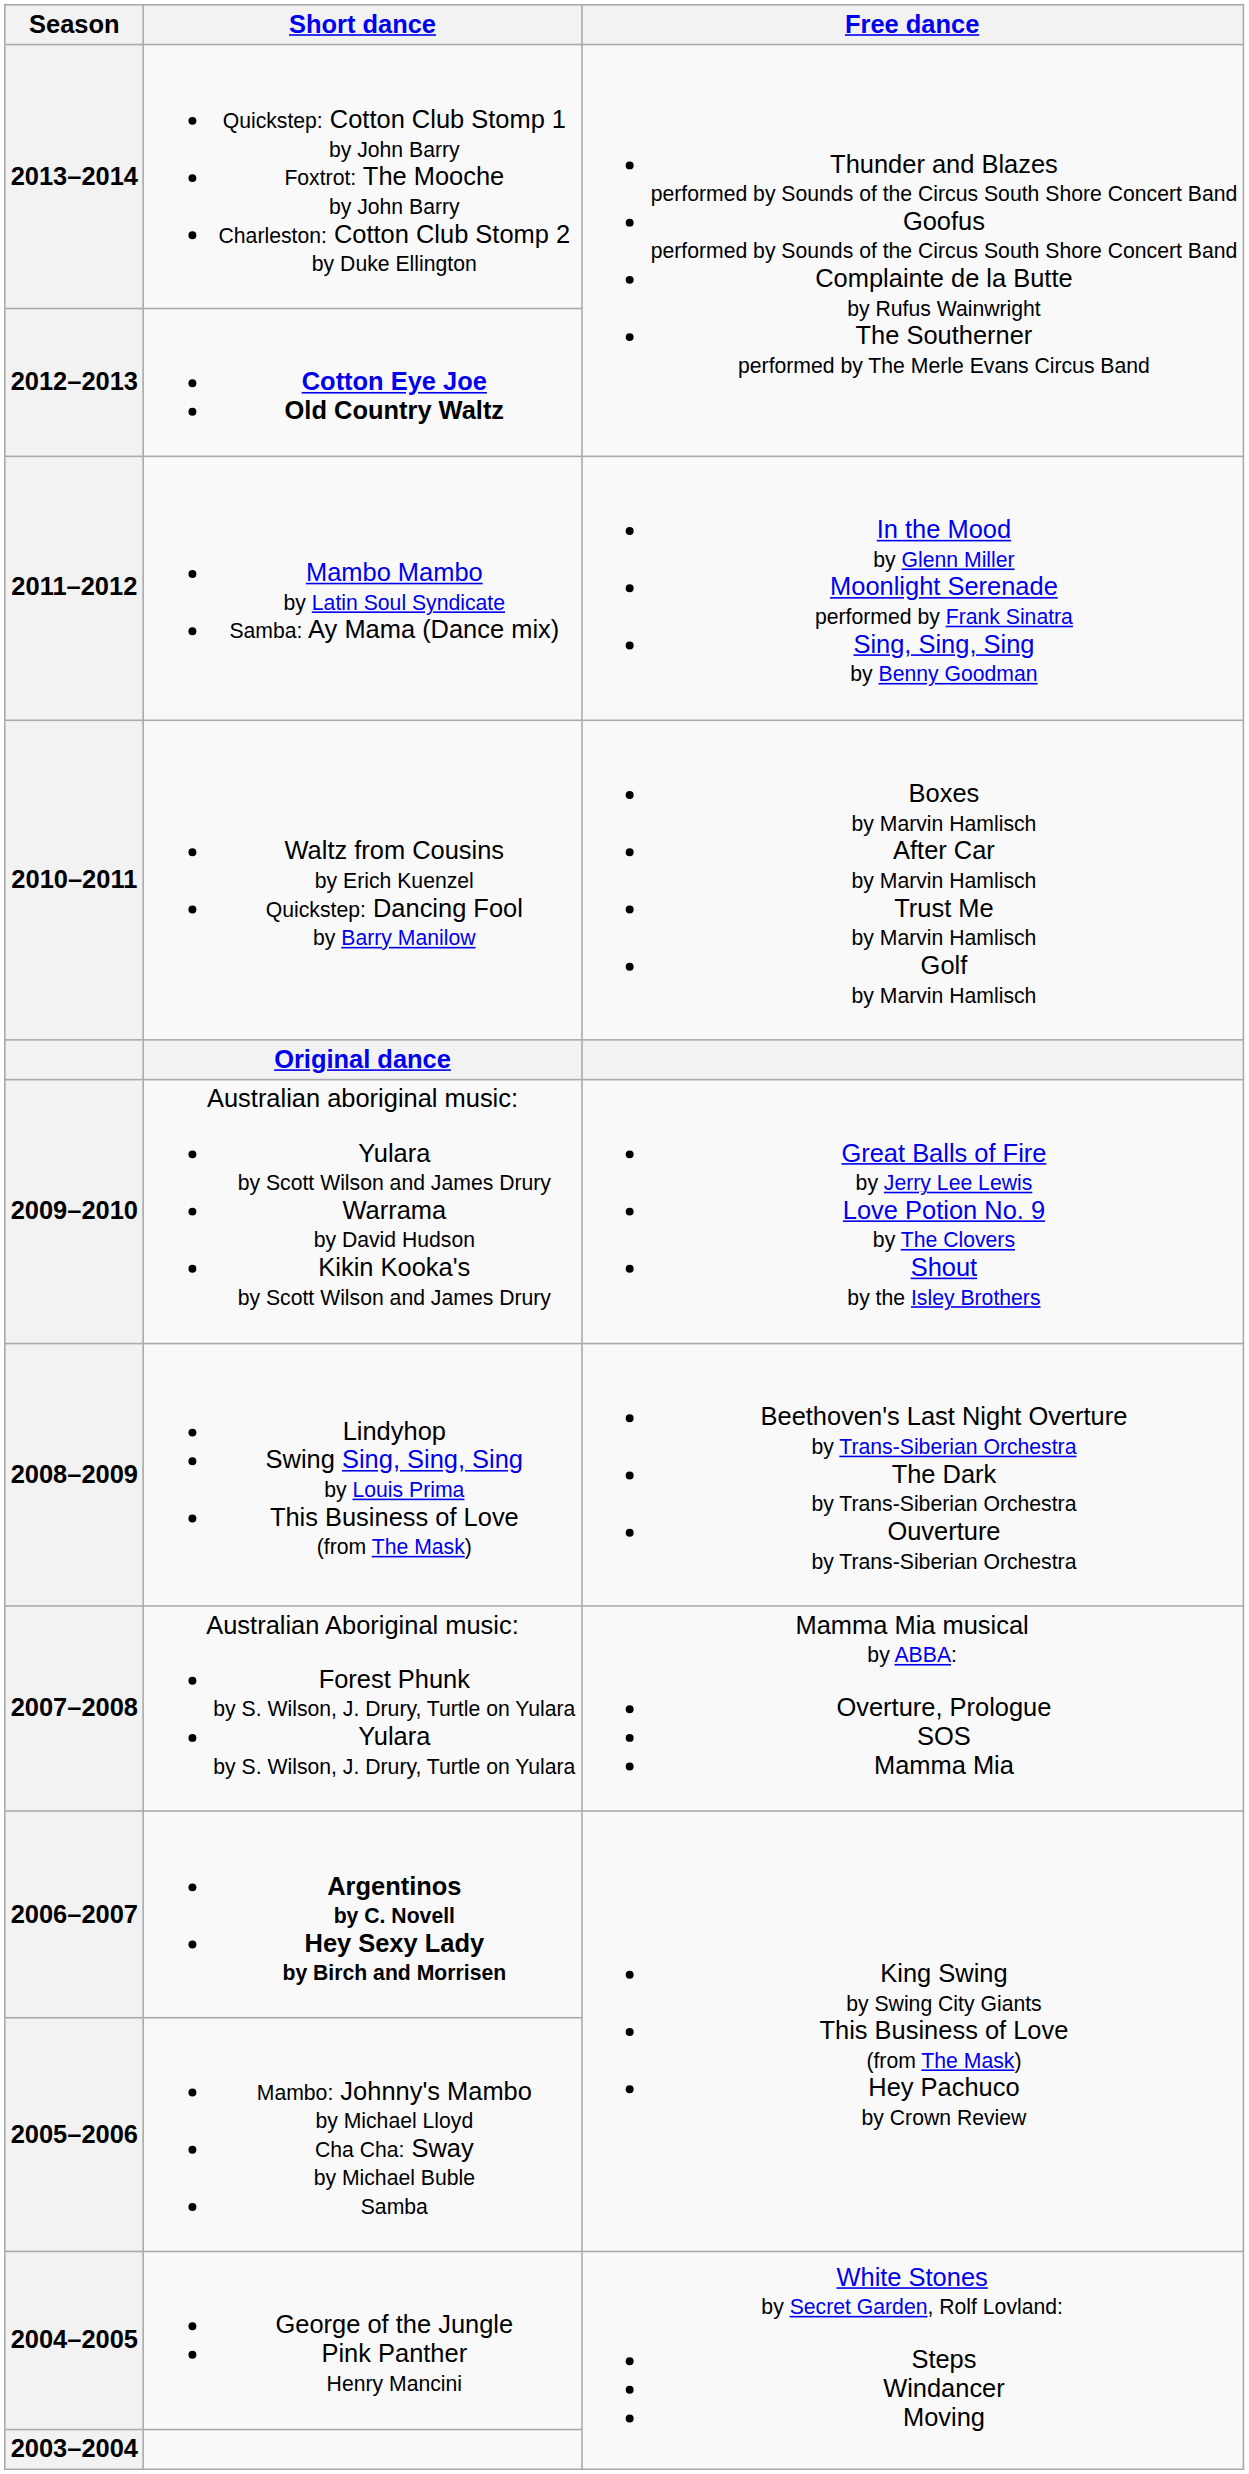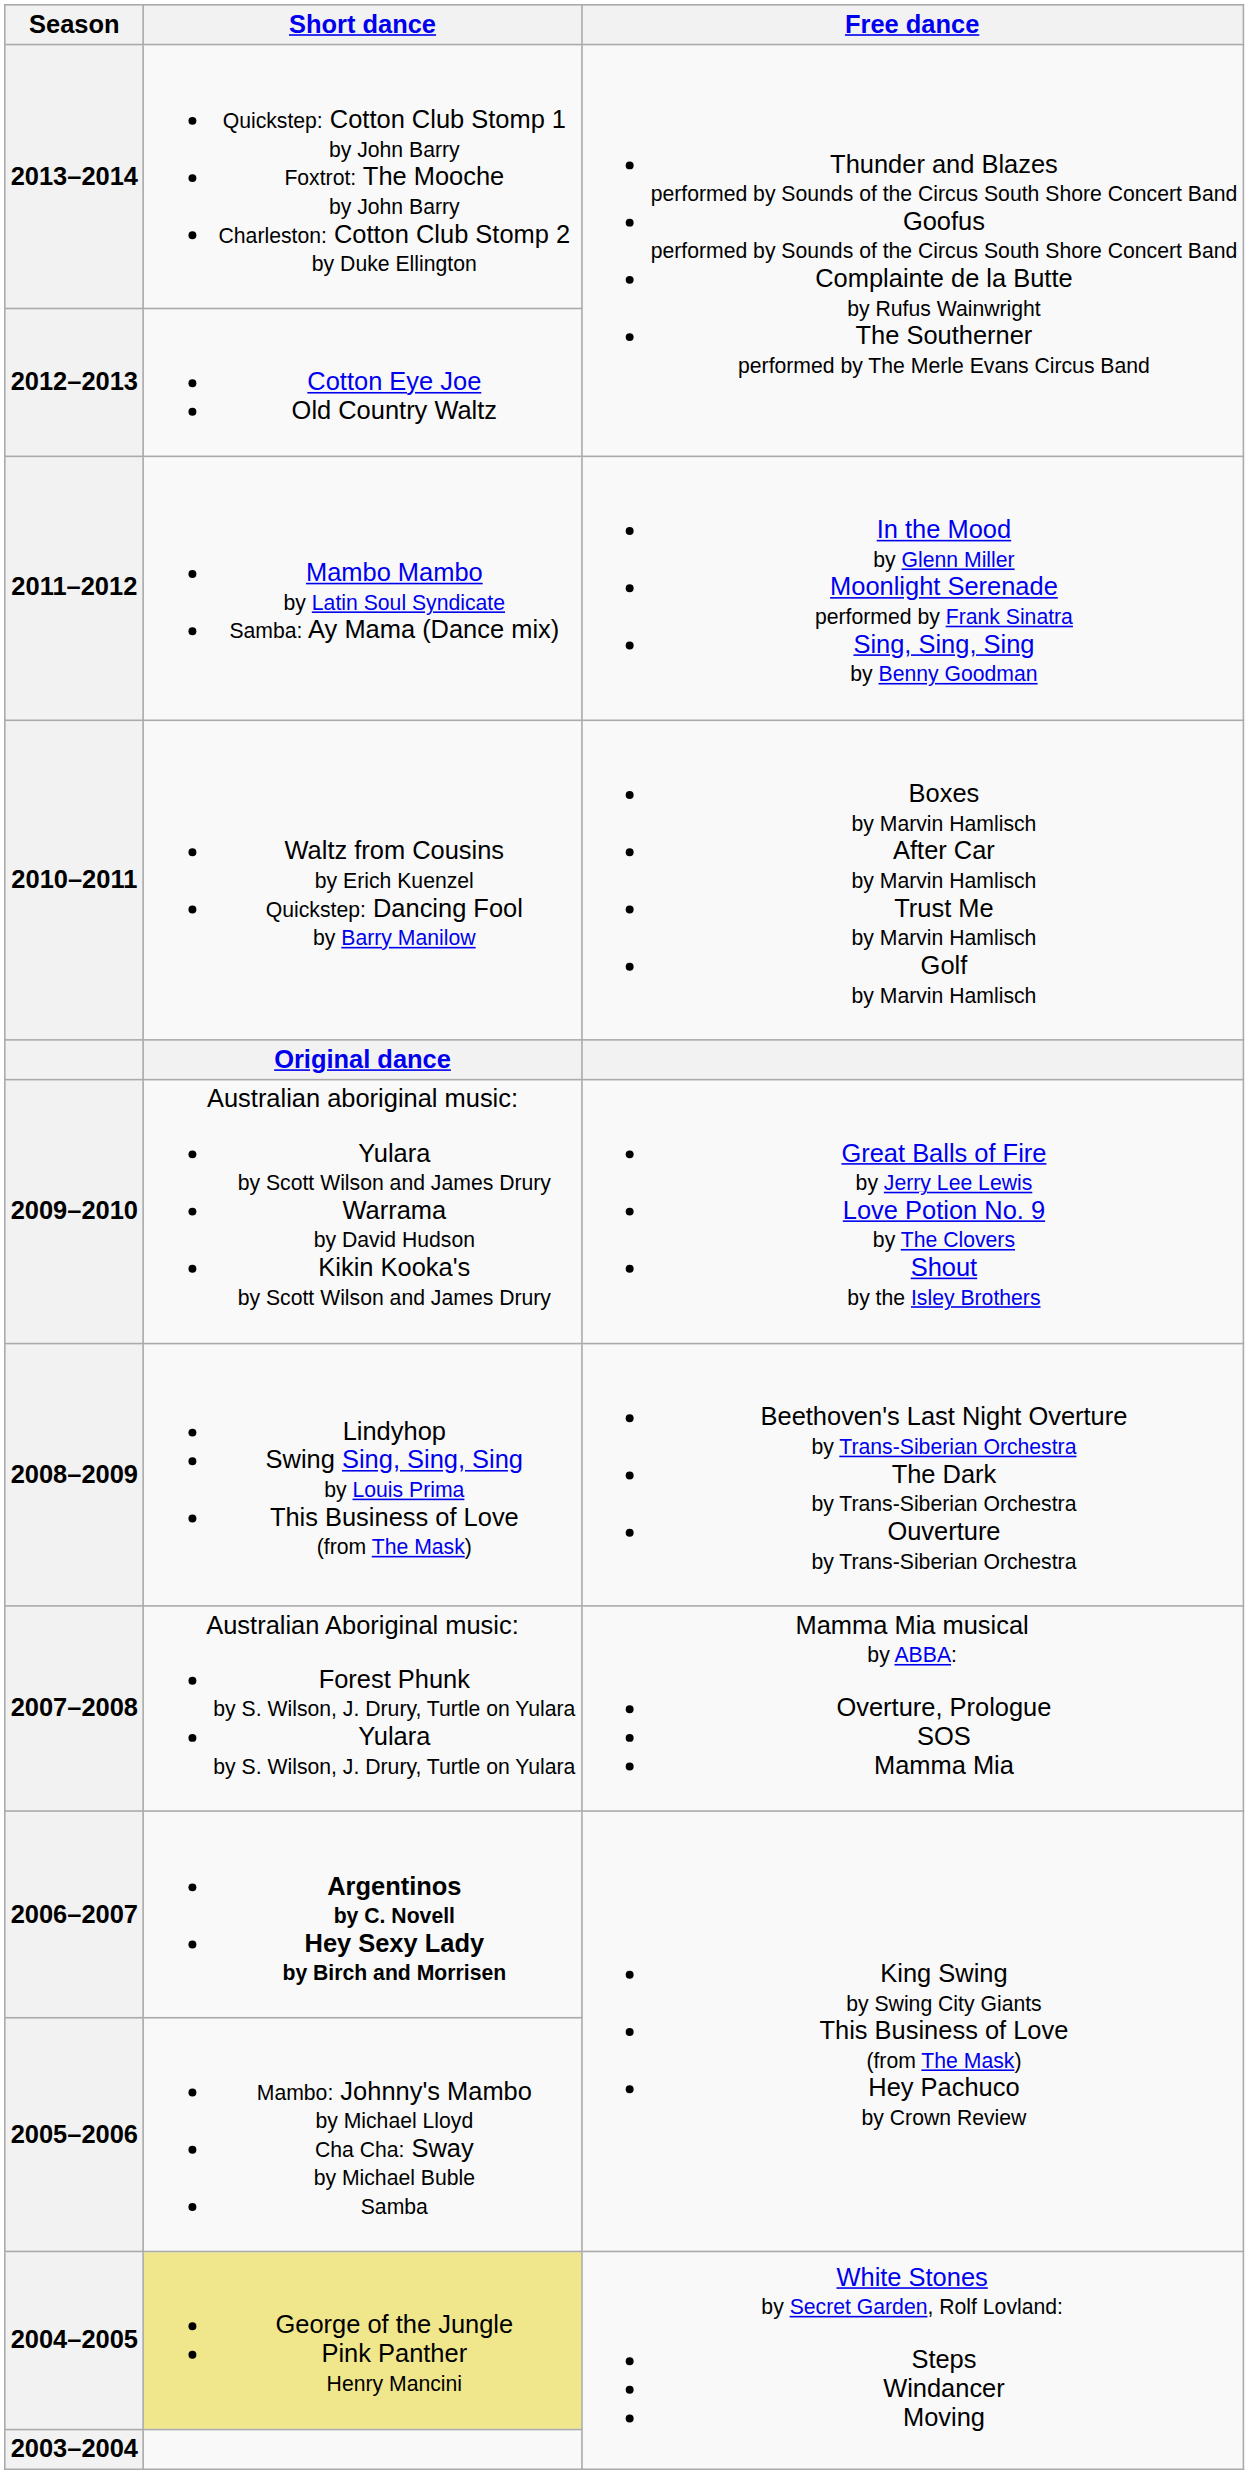 <table class="wikitable" style="text-align:center">
 <tr>
 <th>Season</th>
 <th><a href='#'>Short dance</a></th>
 <th><a href='#'>Free dance</a></th>
 </tr>
 <tr>
 <th>2013–2014 <br></th>
 <td><br><ul><li><small>Quickstep:</small> Cotton Club Stomp 1 <br><small> by John Barry </small></li><li><small>Foxtrot:</small> The Mooche <br><small> by John Barry </small></li><li><small>Charleston:</small> Cotton Club Stomp 2 <br><small> by Duke Ellington </small></li></ul></td>
 <td rowspan=2><br><ul><li>Thunder and Blazes <br><small> performed by Sounds of the Circus South Shore Concert Band </small></li><li>Goofus <br><small> performed by Sounds of the Circus South Shore Concert Band </small></li><li>Complainte de la Butte <br><small> by Rufus Wainwright </small></li><li>The Southerner <br><small> performed by The Merle Evans Circus Band </small></li></ul></td>
 </tr>
 <tr>
 <th>2012–2013 <br></th>
-<td><strong><br><ul><li><a href='#'>Cotton Eye Joe</a></li><li>Old Country Waltz</li></ul></strong></td>
+<td><br><ul><li><a href='#'>Cotton Eye Joe</a></li><li>Old Country Waltz</li></ul></td>
 </tr>
 <tr>
 <th>2011–2012 <br></th>
 <td><br><ul><li><a href='#'>Mambo Mambo</a> <br><small> by <a href='#'>Latin Soul Syndicate</a> </small></li><li><small>Samba:</small> Ay Mama (Dance mix)</li></ul></td>
 <td><br><ul><li><a href='#'>In the Mood</a> <br><small> by <a href='#'>Glenn Miller</a> </small></li><li><a href='#'>Moonlight Serenade</a> <br><small> performed by <a href='#'>Frank Sinatra</a> </small></li><li><a href='#'>Sing, Sing, Sing</a> <br><small> by <a href='#'>Benny Goodman</a> </small></li></ul></td>
 </tr>
 <tr>
 <th>2010–2011 <br></th>
 <td><br><ul><li>Waltz from Cousins <br><small> by Erich Kuenzel </small></li><li><small>Quickstep:</small> Dancing Fool <br><small> by <a href='#'>Barry Manilow</a> </small></li></ul></td>
 <td><br><ul><li>Boxes <br><small> by Marvin Hamlisch </small></li><li>After Car <br><small> by Marvin Hamlisch </small></li><li>Trust Me <br><small> by Marvin Hamlisch </small></li><li>Golf <br><small> by Marvin Hamlisch</small></li></ul></td>
 </tr>
 <tr>
 <th></th>
 <th><a href='#'>Original dance</a></th>
 <th></th>
 </tr>
 <tr>
 <th>2009–2010 <br></th>
 <td>Australian aboriginal music:<br><ul><li>Yulara <br><small> by Scott Wilson and James Drury </small></li><li>Warrama <br><small> by David Hudson </small></li><li>Kikin Kooka's <br><small> by Scott Wilson and James Drury </small></li></ul></td>
 <td><br><ul><li><a href='#'>Great Balls of Fire</a> <br><small> by <a href='#'>Jerry Lee Lewis</a> </small></li><li><a href='#'>Love Potion No. 9</a> <br><small> by <a href='#'>The Clovers</a> </small></li><li><a href='#'>Shout</a> <br><small> by the <a href='#'>Isley Brothers</a> </small></li></ul></td>
 </tr>
 <tr>
 <th>2008–2009 <br></th>
 <td><br><ul><li>Lindyhop</li><li>Swing <a href='#'>Sing, Sing, Sing</a> <br><small> by <a href='#'>Louis Prima</a> </small></li><li>This Business of Love <br><small> (from <a href='#'>The Mask</a>) </small></li></ul></td>
 <td><br><ul><li>Beethoven's Last Night Overture <br><small> by <a href='#'>Trans-Siberian Orchestra</a> </small></li><li>The Dark <br><small> by Trans-Siberian Orchestra </small></li><li>Ouverture <br><small> by Trans-Siberian Orchestra </small></li></ul></td>
 </tr>
 <tr>
 <th>2007–2008 <br></th>
 <td>Australian Aboriginal music:<br><ul><li>Forest Phunk <br><small> by S. Wilson, J. Drury, Turtle on Yulara </small></li><li>Yulara <br><small> by S. Wilson, J. Drury, Turtle on Yulara </small></li></ul></td>
 <td>Mamma Mia musical <br><small> by <a href='#'>ABBA</a>: </small><br><ul><li>Overture, Prologue</li><li>SOS</li><li>Mamma Mia</li></ul></td>
 </tr>
 <tr>
 <th>2006–2007 <br></th>
 <td><strong><br><ul><li>Argentinos <br><small> by C. Novell </small></li><li>Hey Sexy Lady <br><small> by Birch and Morrisen </small></li></ul></strong></td>
 <td rowspan=2><br><ul><li>King Swing <br><small> by Swing City Giants </small></li><li>This Business of Love <br><small> (from <a href='#'>The Mask</a>) </small></li><li>Hey Pachuco <br><small> by Crown Review </small></li></ul></td>
 </tr>
 <tr>
 <th>2005–2006 <br></th>
 <td><br><ul><li><small>Mambo:</small> Johnny's Mambo <br><small> by Michael Lloyd </small></li><li><small>Cha Cha:</small> Sway <br><small> by Michael Buble </small></li><li><small>Samba</small></li></ul></td>
 </tr>
 <tr>
 <th>2004–2005 <br></th>
-<td><br><ul><li>George of the Jungle</li><li>Pink Panther <br><small> Henry Mancini</small></li></ul></td>
+<td style="background: khaki;"><br><ul><li>George of the Jungle</li><li>Pink Panther <br><small> Henry Mancini</small></li></ul></td>
 <td rowspan=2><a href='#'>White Stones</a> <br><small> by <a href='#'>Secret Garden</a>, Rolf Lovland:</small><br><ul><li>Steps</li><li>Windancer</li><li>Moving</li></ul></td>
 </tr>
 <tr>
 <th>2003–2004 <br></th>
 <td></td>
 </tr>
 </table>
